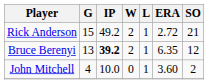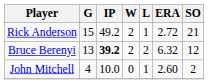 <table class="wikitable sortable">
 <tr>
 <th>Player</th>
 <th>G</th>
 <th>IP</th>
 <th>W</th>
 <th>L</th>
 <th>ERA</th>
 <th>SO</th>
 </tr>
 <tr style="text-align:center;">
 <td><a href='#'>Rick Anderson</a></td>
 <td>15</td>
 <td>49.2</td>
 <td>2</td>
 <td>1</td>
 <td>2.72</td>
 <td>21</td>
 </tr>
 <tr align=center>
 <td><a href='#'>Bruce Berenyi</a></td>
 <td>13</td>
 <td><strong>39.2</strong></td>
 <td>2</td>
-<td>1</td>
-<td>6.35</td>
+<td>2</td>
+<td>6.32</td>
 <td>12</td>
 </tr>
 <tr style="text-align:center;">
 <td><a href='#'>John Mitchell</a></td>
 <td>4</td>
 <td>10.0</td>
 <td>0</td>
 <td>1</td>
-<td>3.60</td>
+<td>2.60</td>
 <td>2</td>
 </tr>
 <tr align=center>
 </tr>
 </table>
